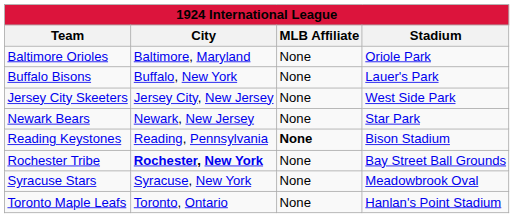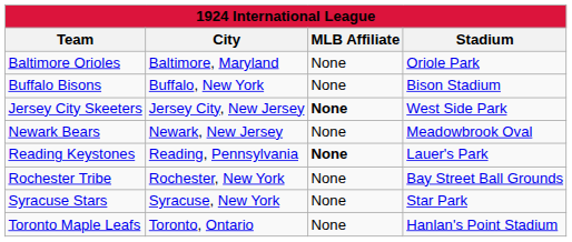 <table class="wikitable" style="width:auto">
 <tr>
 <td bgcolor="#DC143C" align="center" colspan="7"><strong><span>1924 International League</span></strong></td>
 </tr>
 <tr>
 <th>Team</th>
 <th>City</th>
 <th>MLB Affiliate</th>
 <th>Stadium</th>
 </tr>
 <tr>
 <td><a href='#'>Baltimore Orioles</a></td>
 <td><a href='#'>Baltimore</a>, <a href='#'>Maryland</a></td>
 <td>None</td>
 <td><a href='#'>Oriole Park</a></td>
 </tr>
 <tr>
 <td><a href='#'>Buffalo Bisons</a></td>
 <td><a href='#'>Buffalo</a>, <a href='#'>New York</a></td>
 <td>None</td>
-<td><a href='#'>Lauer's Park</a></td>
+<td><a href='#'>Bison Stadium</a></td>
 </tr>
 <tr>
 <td><a href='#'>Jersey City Skeeters</a></td>
 <td><a href='#'>Jersey City</a>, <a href='#'>New Jersey</a></td>
-<td>None</td>
+<td><strong>None</strong></td>
 <td><a href='#'>West Side Park</a></td>
 </tr>
 <tr>
 <td><a href='#'>Newark Bears</a></td>
 <td><a href='#'>Newark</a>, <a href='#'>New Jersey</a></td>
 <td>None</td>
-<td><a href='#'>Star Park</a></td>
+<td><a href='#'>Meadowbrook Oval</a></td>
 </tr>
 <tr>
 <td><a href='#'>Reading Keystones</a></td>
 <td><a href='#'>Reading</a>, <a href='#'>Pennsylvania</a></td>
 <td><strong>None</strong></td>
-<td><a href='#'>Bison Stadium</a></td>
+<td><a href='#'>Lauer's Park</a></td>
 </tr>
 <tr>
 <td><a href='#'>Rochester Tribe</a></td>
-<td><strong><a href='#'>Rochester</a>, <a href='#'>New York</a></strong></td>
+<td><a href='#'>Rochester</a>, <a href='#'>New York</a></td>
 <td>None</td>
 <td><a href='#'>Bay Street Ball Grounds</a></td>
 </tr>
 <tr>
 <td><a href='#'>Syracuse Stars</a></td>
 <td><a href='#'>Syracuse</a>, <a href='#'>New York</a></td>
 <td>None</td>
-<td><a href='#'>Meadowbrook Oval</a></td>
+<td><a href='#'>Star Park</a></td>
 </tr>
 <tr>
 <td><a href='#'>Toronto Maple Leafs</a></td>
 <td><a href='#'>Toronto</a>, <a href='#'>Ontario</a></td>
 <td>None</td>
 <td><a href='#'>Hanlan's Point Stadium</a></td>
 </tr>
 </table>
